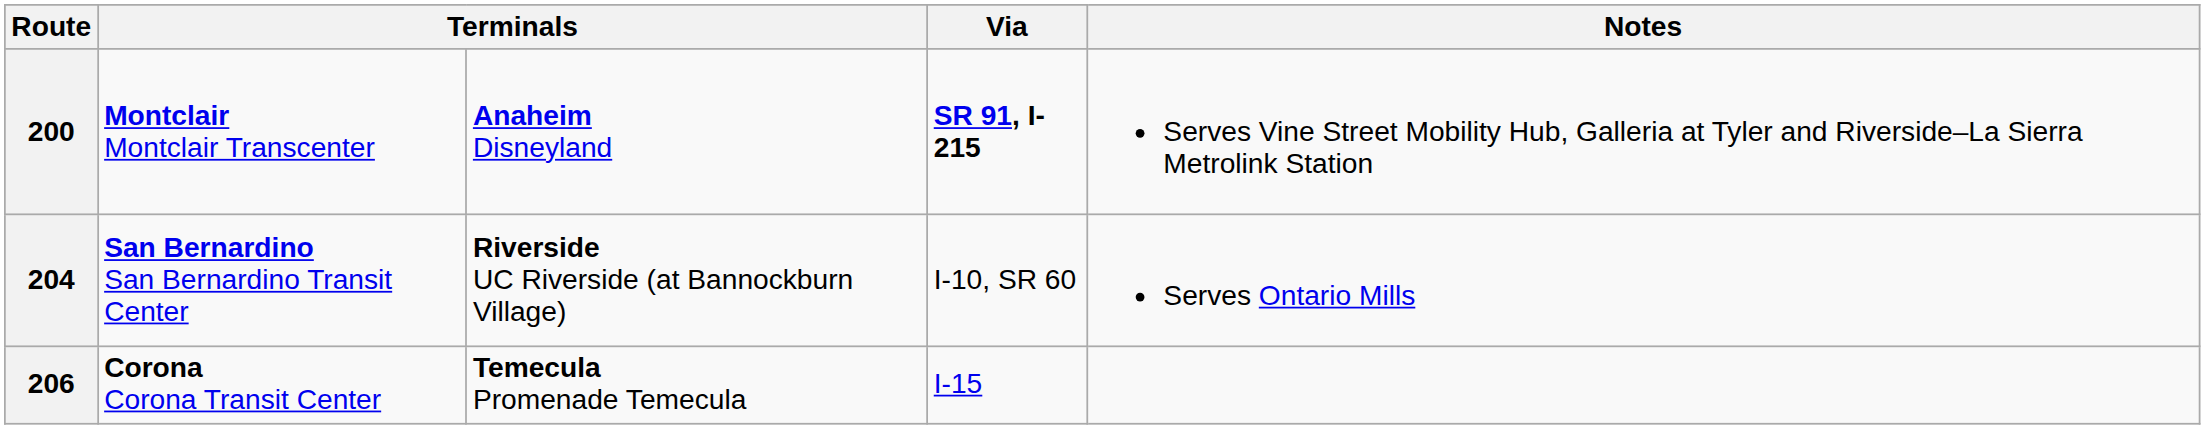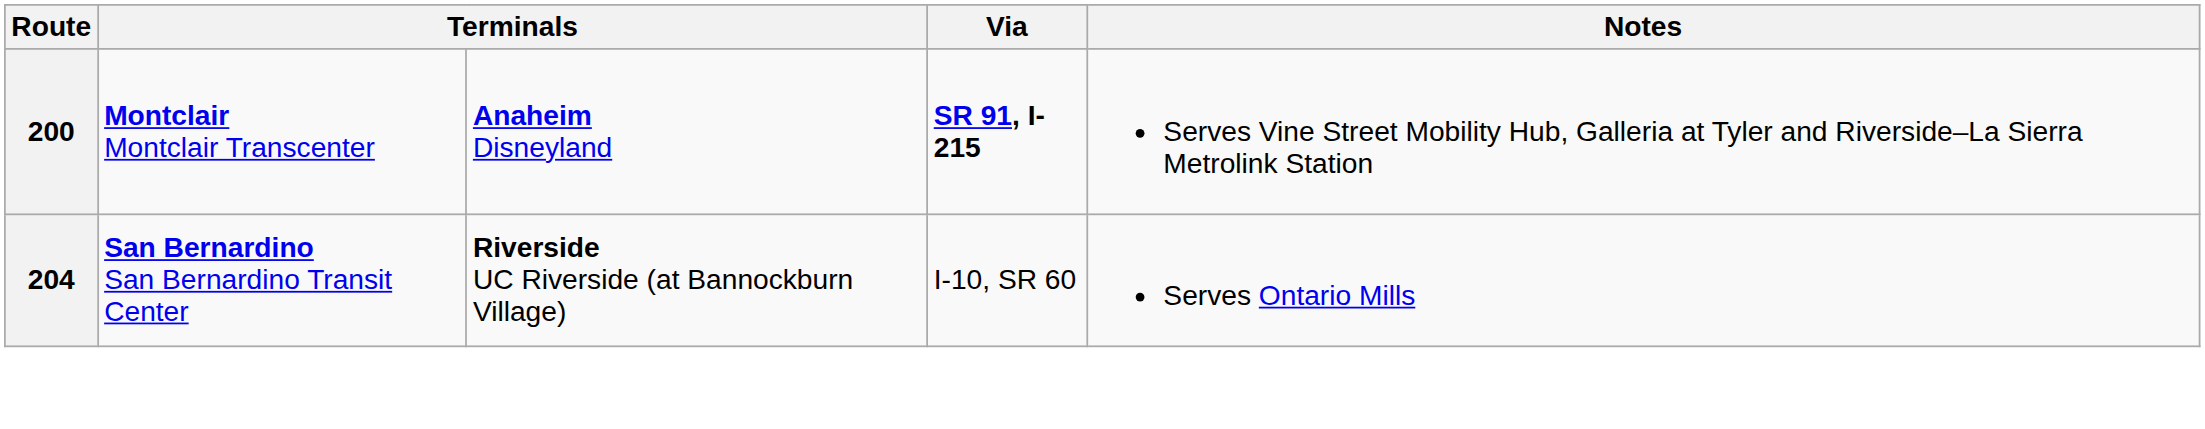 <table class="wikitable">
 <tr>
 <th><strong>Route</strong></th>
 <th colspan="2"><strong>Terminals</strong></th>
 <th>Via</th>
 <th>Notes</th>
 </tr>
 <tr>
 <th>200</th>
 <td><strong><a href='#'>Montclair</a></strong><br><a href='#'>Montclair Transcenter</a></td>
 <td><strong><a href='#'>Anaheim</a></strong><br><a href='#'>Disneyland</a></td>
 <td><strong><a href='#'>SR 91</a>, I-215</strong></td>
 <td><br><ul><li>Serves Vine Street Mobility Hub, Galleria at Tyler and Riverside–La Sierra Metrolink Station</li></ul></td>
 </tr>
 <tr>
 <th>204</th>
 <td><strong><a href='#'>San Bernardino</a></strong><br><a href='#'>San Bernardino Transit Center</a></td>
 <td><strong>Riverside</strong><br>UC Riverside  (at Bannockburn Village)</td>
 <td>I-10, SR 60</td>
 <td><br><ul><li>Serves <a href='#'>Ontario Mills</a></li></ul></td>
 </tr>
-<tr>
-<th>206</th>
-<td><strong>Corona</strong><br><a href='#'>Corona Transit Center</a></td>
-<td><strong>Temecula</strong><br>Promenade Temecula</td>
-<td><a href='#'>I-15</a></td>
-<td></td>
-</tr>
 </table>
